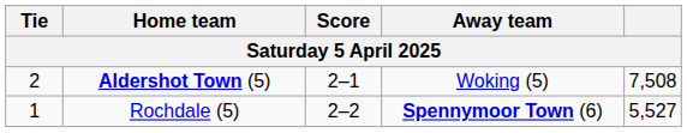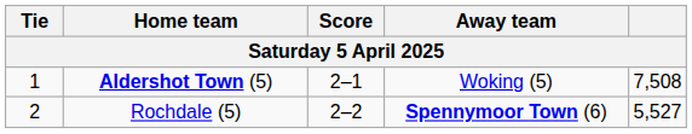 <table class="wikitable" style="text-align:center; font-size:90%">
 <tr>
 <th scope="col" style="width:  8.43%;">Tie</th>
 <th scope="col" style="width: 35.29%;">Home team</th>
 <th scope="col" style="width: 11.00%;">Score</th>
 <th scope="col" style="width: 35.29%;">Away team</th>
 <th scope="col" style="width:  8.43%;"></th>
 </tr>
 <tr>
 <th colspan="5"><strong>Saturday 5 April 2025</strong></th>
 </tr>
 <tr>
-<td>2</td>
+<td>1</td>
 <td><strong><a href='#'>Aldershot Town</a></strong> (5)</td>
 <td>2–1</td>
 <td><a href='#'>Woking</a> (5)</td>
 <td>7,508</td>
 </tr>
 <tr>
-<td>1</td>
+<td>2</td>
 <td><a href='#'>Rochdale</a> (5)</td>
 <td>2–2 </td>
 <td><strong><a href='#'>Spennymoor Town</a></strong> (6)</td>
 <td>5,527</td>
 </tr>
 </table>
